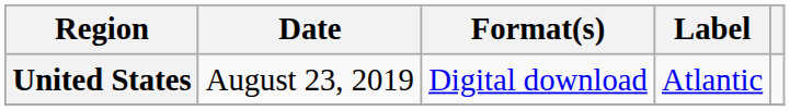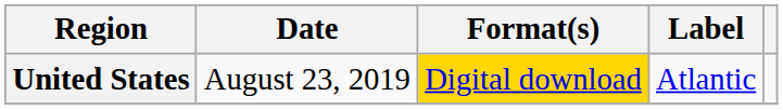 <table class="wikitable plainrowheaders">
 <tr>
 <th scope="col">Region</th>
 <th scope="col">Date</th>
 <th scope="col">Format(s)</th>
 <th scope="col">Label</th>
 <th scope="col"></th>
 </tr>
 <tr>
 <th scope="row">United States</th>
 <td>August 23, 2019</td>
-<td><a href='#'>Digital download</a></td>
+<td style="background: gold;"><a href='#'>Digital download</a></td>
 <td><a href='#'>Atlantic</a></td>
 <td></td>
 </tr>
 <tr>
 </tr>
 </table>
